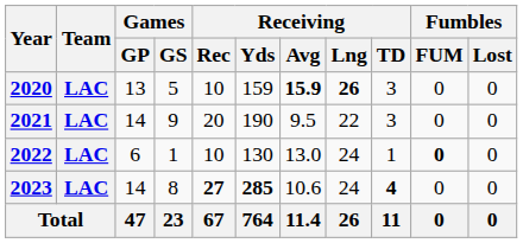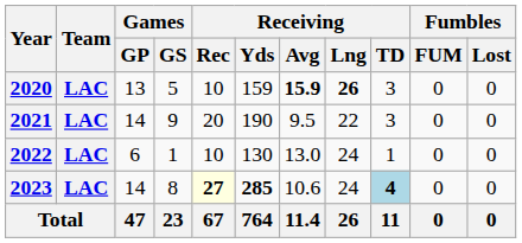 <table class="wikitable" style="text-align:center">
 <tr>
 <th rowspan="2">Year</th>
 <th rowspan="2">Team</th>
 <th colspan="2">Games</th>
 <th colspan="5">Receiving</th>
 <th colspan="2">Fumbles</th>
 </tr>
 <tr>
 <th>GP</th>
 <th>GS</th>
 <th>Rec</th>
 <th>Yds</th>
 <th>Avg</th>
 <th>Lng</th>
 <th>TD</th>
 <th>FUM</th>
 <th>Lost</th>
 </tr>
 <tr>
 <th><a href='#'>2020</a></th>
 <th><a href='#'>LAC</a></th>
 <td>13</td>
 <td>5</td>
 <td>10</td>
 <td>159</td>
 <td><strong>15.9</strong></td>
 <td><strong>26</strong></td>
 <td>3</td>
 <td>0</td>
 <td>0</td>
 </tr>
 <tr>
 <th><a href='#'>2021</a></th>
 <th><a href='#'>LAC</a></th>
 <td>14</td>
 <td>9</td>
 <td>20</td>
 <td>190</td>
 <td>9.5</td>
 <td>22</td>
 <td>3</td>
 <td>0</td>
 <td>0</td>
 </tr>
 <tr>
 <th><a href='#'>2022</a></th>
 <th><a href='#'>LAC</a></th>
 <td>6</td>
 <td>1</td>
 <td>10</td>
 <td>130</td>
 <td>13.0</td>
 <td>24</td>
 <td>1</td>
-<td><strong>0</strong></td>
+<td>0</td>
 <td>0</td>
 </tr>
 <tr>
 <th><a href='#'>2023</a></th>
 <th><a href='#'>LAC</a></th>
 <td>14</td>
 <td>8</td>
-<td><strong>27</strong></td>
+<td style="background: lightyellow;"><strong>27</strong></td>
 <td><strong>285</strong></td>
 <td>10.6</td>
 <td>24</td>
-<td><strong>4</strong></td>
+<td style="background: lightblue;"><strong>4</strong></td>
 <td>0</td>
 <td>0</td>
 </tr>
 <tr>
 <th colspan="2">Total</th>
 <th>47</th>
 <th>23</th>
 <th>67</th>
 <th>764</th>
 <th>11.4</th>
 <th>26</th>
 <th>11</th>
 <th>0</th>
 <th>0</th>
 </tr>
 </table>
